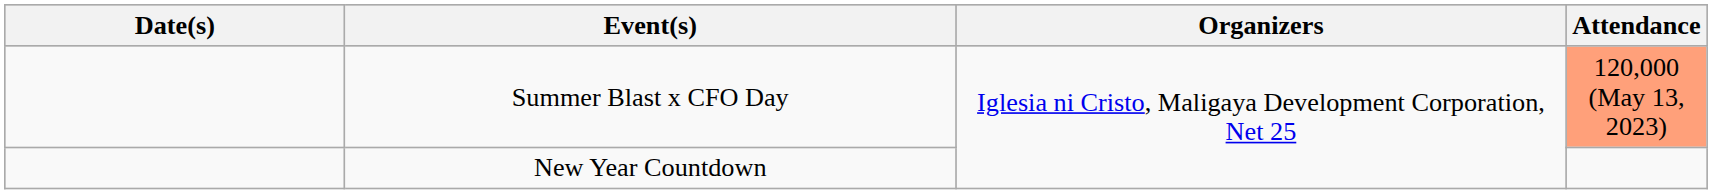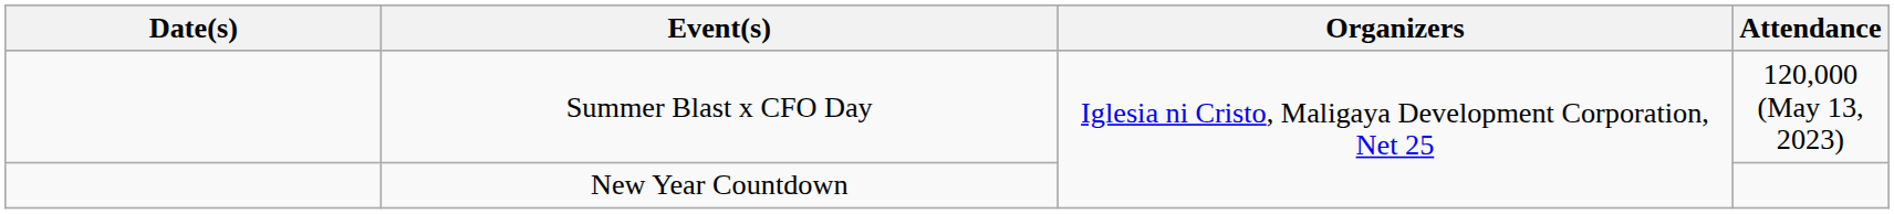 <table class="wikitable sortable" style="text-align:center">
 <tr>
 <th width="200">Date(s)</th>
 <th width="365">Event(s)</th>
 <th width="365">Organizers</th>
 <th width="70">Attendance</th>
 </tr>
 <tr>
 <td></td>
 <td>Summer Blast x CFO Day</td>
 <td rowspan="2"><a href='#'>Iglesia ni Cristo</a>, Maligaya Development Corporation, <a href='#'>Net 25</a></td>
-<td style="background: lightsalmon;">120,000 (May 13, 2023)</td>
+<td>120,000 (May 13, 2023)</td>
 </tr>
 <tr>
 <td></td>
 <td>New Year Countdown</td>
 <td></td>
 </tr>
 </table>
